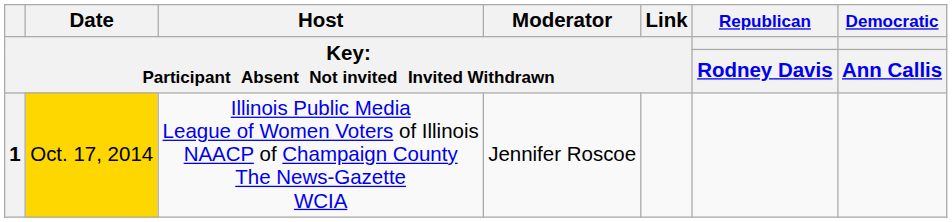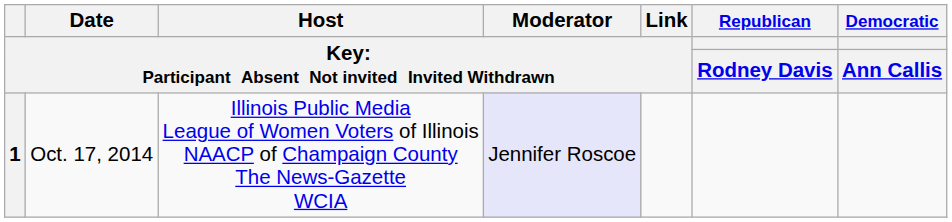 <table class="wikitable" style="text-align:center;">
 <tr>
 <th scope="col"></th>
 <th scope="col">Date</th>
 <th scope="col">Host</th>
 <th scope="col">Moderator</th>
 <th scope="col">Link</th>
 <th scope="col"><small><a href='#'>Republican</a></small></th>
 <th scope="col"><small><a href='#'>Democratic</a></small></th>
 </tr>
 <tr>
 <th colspan="5" rowspan="2">Key:<br> <small>Participant </small>  <small>Absent </small>  <small>Not invited </small>  <small>Invited  Withdrawn</small></th>
 <th scope="col" style="background:"></th>
 <th scope="col" style="background:"></th>
 </tr>
 <tr>
 <th scope="col"><a href='#'>Rodney Davis</a></th>
 <th scope="col"><a href='#'>Ann Callis</a></th>
 </tr>
 <tr>
 <th>1</th>
-<td style="background: gold; white-space:nowrap;">Oct. 17, 2014</td>
+<td style="white-space:nowrap;">Oct. 17, 2014</td>
 <td style="white-space:nowrap;"><a href='#'>Illinois Public Media</a><br><a href='#'>League of Women Voters</a> of Illinois<br><a href='#'>NAACP</a> of <a href='#'>Champaign County</a><br><a href='#'>The News-Gazette</a><br><a href='#'>WCIA</a></td>
-<td style="white-space:nowrap;">Jennifer Roscoe</td>
+<td style="background: lavender; white-space:nowrap;">Jennifer Roscoe</td>
 <td style="white-space:nowrap;"></td>
 <td></td>
 <td></td>
 </tr>
 </table>
